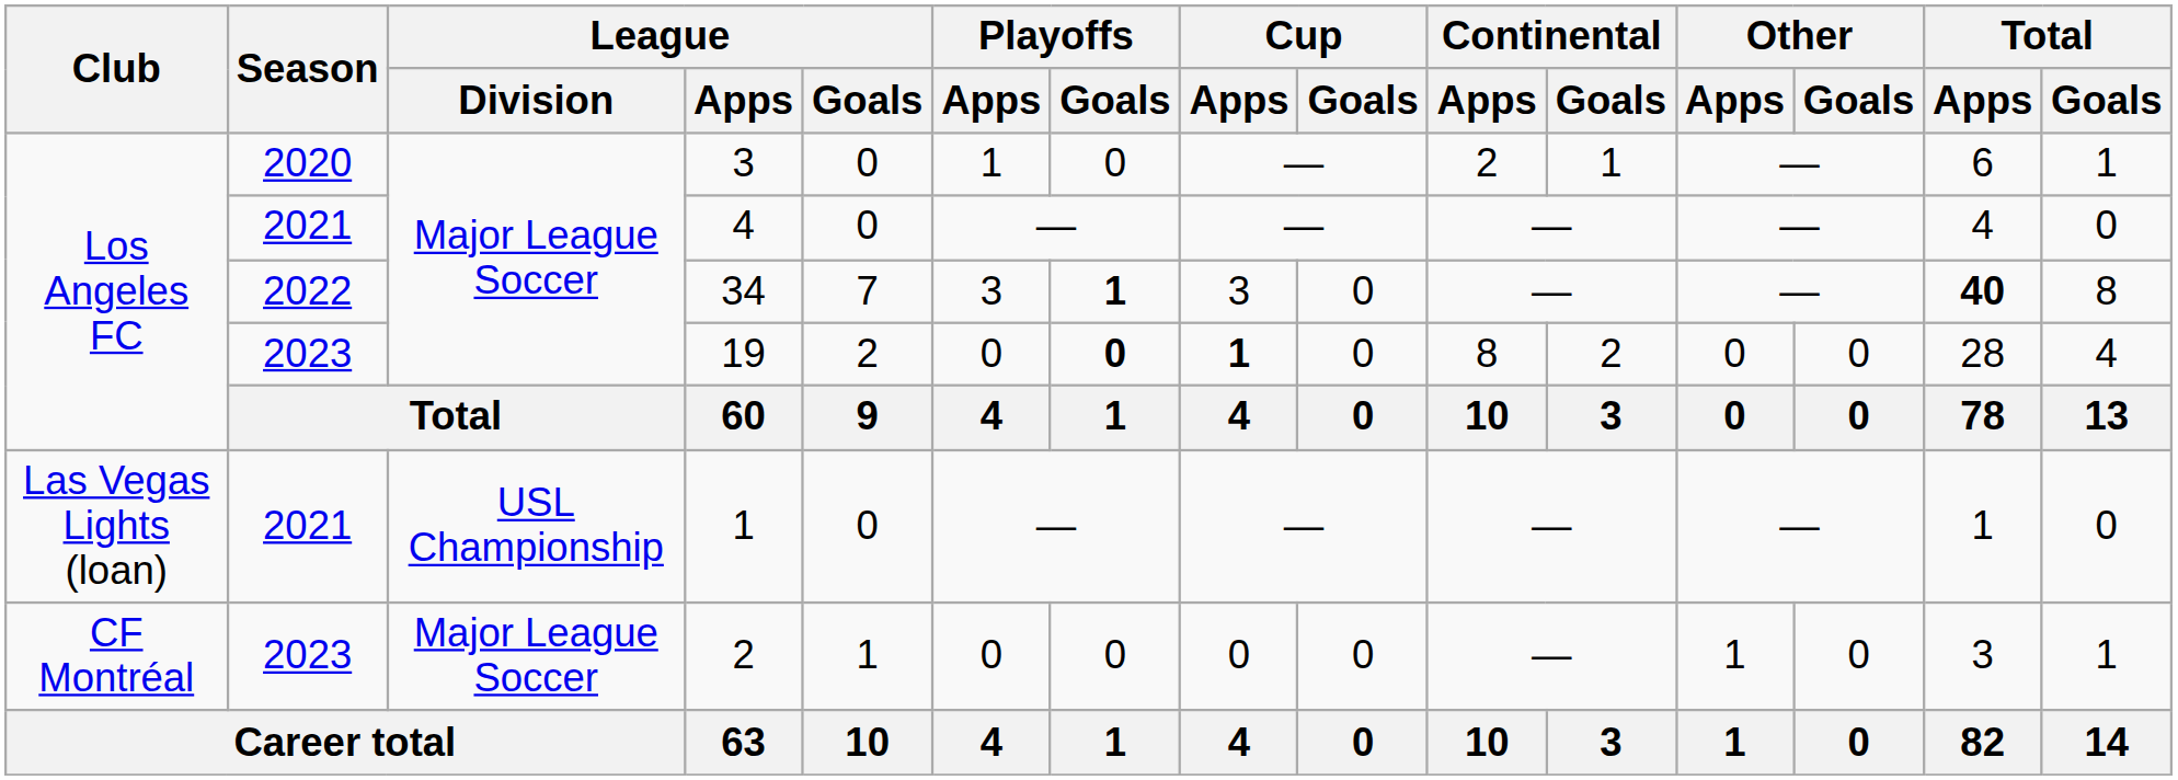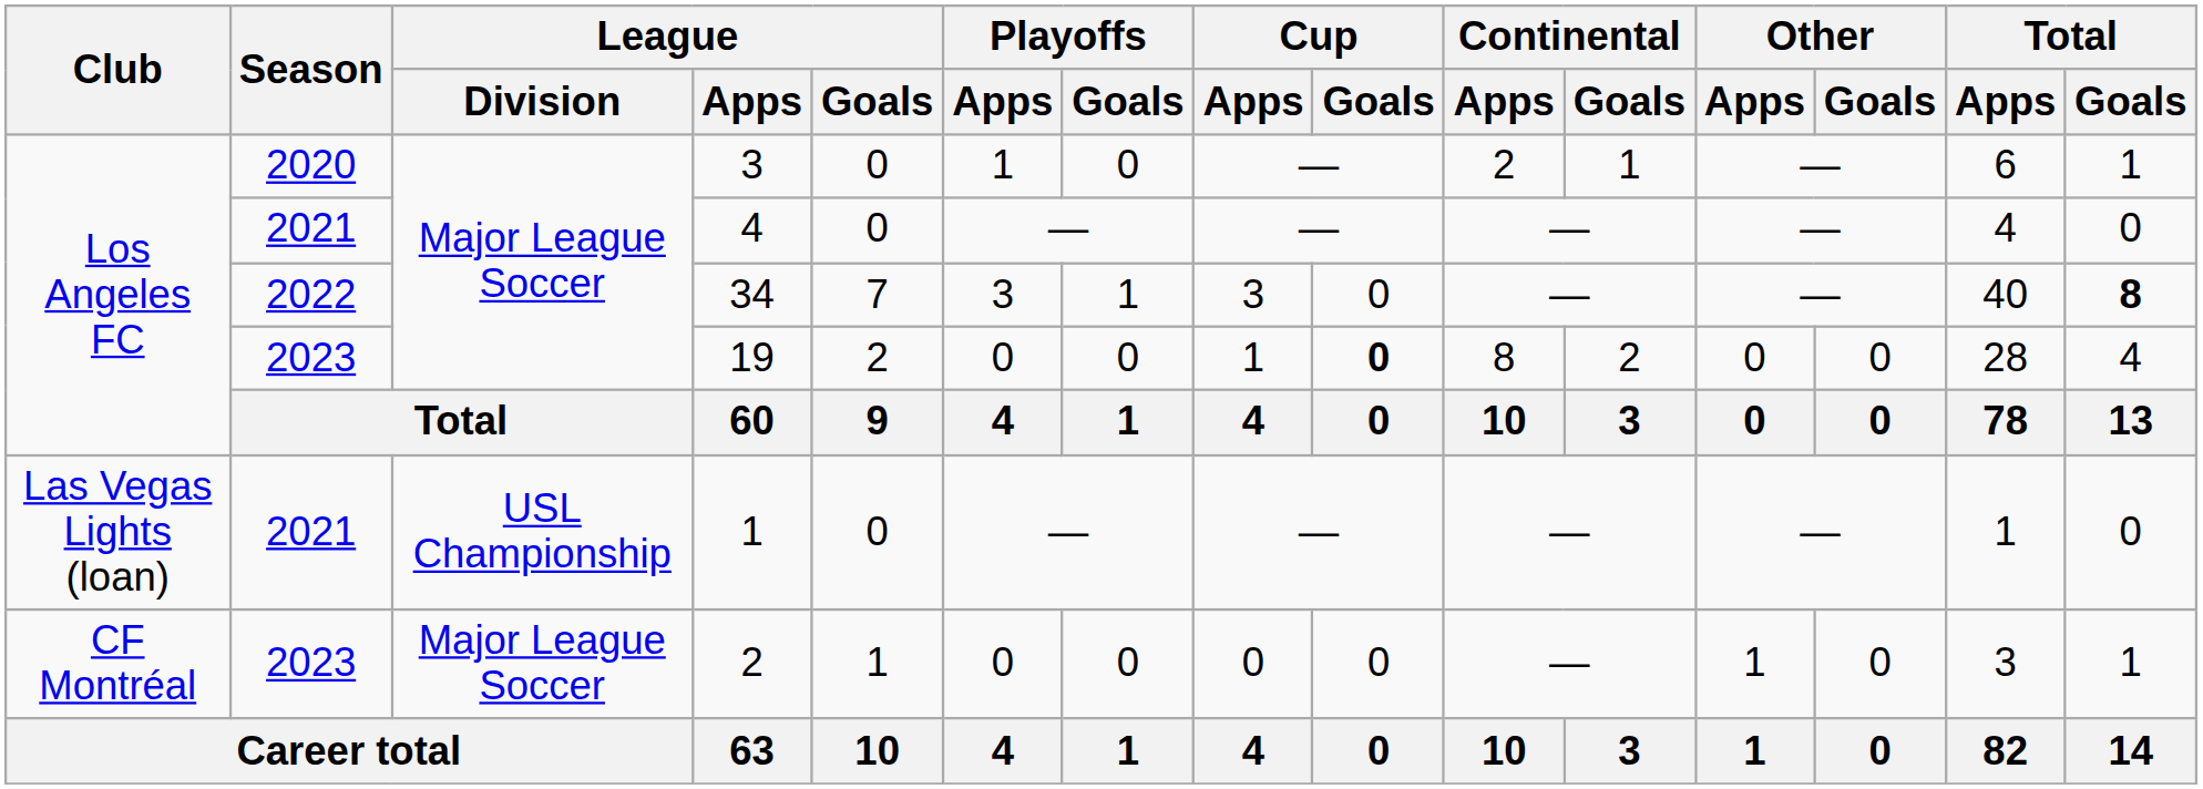 <table class=wikitable style=text-align:center>
 <tr>
 <th rowspan="2">Club</th>
 <th rowspan="2">Season</th>
 <th colspan="3">League</th>
 <th colspan="2">Playoffs</th>
 <th colspan="2">Cup</th>
 <th colspan="2">Continental</th>
 <th colspan="2">Other</th>
 <th colspan="2">Total</th>
 </tr>
 <tr>
 <th>Division</th>
 <th>Apps</th>
 <th>Goals</th>
 <th>Apps</th>
 <th>Goals</th>
 <th>Apps</th>
 <th>Goals</th>
 <th>Apps</th>
 <th>Goals</th>
 <th>Apps</th>
 <th>Goals</th>
 <th>Apps</th>
 <th>Goals</th>
 </tr>
 <tr>
 <td rowspan="5"><a href='#'>Los Angeles FC</a></td>
 <td><a href='#'>2020</a></td>
 <td rowspan="4"><a href='#'>Major League Soccer</a></td>
 <td>3</td>
 <td>0</td>
 <td>1</td>
 <td>0</td>
 <td colspan="2">—</td>
 <td>2</td>
 <td>1</td>
 <td colspan="2">—</td>
 <td>6</td>
 <td>1</td>
 </tr>
 <tr>
 <td><a href='#'>2021</a></td>
 <td>4</td>
 <td>0</td>
 <td colspan="2">—</td>
 <td colspan="2">—</td>
 <td colspan="2">—</td>
 <td colspan="2">—</td>
 <td>4</td>
 <td>0</td>
 </tr>
 <tr>
 <td><a href='#'>2022</a></td>
 <td>34</td>
 <td>7</td>
 <td>3</td>
-<td><strong>1</strong></td>
+<td>1</td>
 <td>3</td>
 <td>0</td>
 <td colspan="2">—</td>
 <td colspan="2">—</td>
-<td><strong>40</strong></td>
-<td>8</td>
+<td>40</td>
+<td><strong>8</strong></td>
 </tr>
 <tr>
 <td><a href='#'>2023</a></td>
 <td>19</td>
 <td>2</td>
 <td>0</td>
+<td>0</td>
+<td>1</td>
 <td><strong>0</strong></td>
-<td><strong>1</strong></td>
-<td>0</td>
 <td>8</td>
 <td>2</td>
 <td>0</td>
 <td>0</td>
 <td>28</td>
 <td>4</td>
 </tr>
 <tr>
 <th colspan="2">Total</th>
 <th>60</th>
 <th>9</th>
 <th>4</th>
 <th>1</th>
 <th>4</th>
 <th>0</th>
 <th>10</th>
 <th>3</th>
 <th>0</th>
 <th>0</th>
 <th>78</th>
 <th>13</th>
 </tr>
 <tr>
 <td><a href='#'>Las Vegas Lights</a> (loan)</td>
 <td><a href='#'>2021</a></td>
 <td><a href='#'>USL Championship</a></td>
 <td>1</td>
 <td>0</td>
 <td colspan="2">—</td>
 <td colspan="2">—</td>
 <td colspan="2">—</td>
 <td colspan="2">—</td>
 <td>1</td>
 <td>0</td>
 </tr>
 <tr>
 <td><a href='#'>CF Montréal</a></td>
 <td><a href='#'>2023</a></td>
 <td><a href='#'>Major League Soccer</a></td>
 <td>2</td>
 <td>1</td>
 <td>0</td>
 <td>0</td>
 <td>0</td>
 <td>0</td>
 <td colspan="2">—</td>
 <td>1</td>
 <td>0</td>
 <td>3</td>
 <td>1</td>
 </tr>
 <tr>
 <th colspan="3">Career total</th>
 <th>63</th>
 <th>10</th>
 <th>4</th>
 <th>1</th>
 <th>4</th>
 <th>0</th>
 <th>10</th>
 <th>3</th>
 <th>1</th>
 <th>0</th>
 <th>82</th>
 <th>14</th>
 </tr>
 </table>
